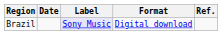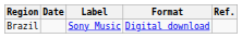 <table class="wikitable">
 <tr>
 <th>Region</th>
 <th>Date</th>
 <th>Label</th>
 <th>Format</th>
 <th>Ref.</th>
 </tr>
 <tr>
 <td>Brazil</td>
 <td></td>
-<td style="background: lavender;"><a href='#'>Sony Music</a></td>
+<td><a href='#'>Sony Music</a></td>
 <td rowspan="3"><a href='#'>Digital download</a></td>
 <td></td>
 </tr>
 </table>
